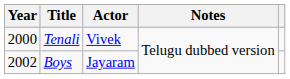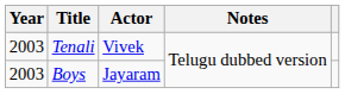 <table class="wikitable sortable">
 <tr style="background:#ccc; align:center,">
 <th>Year</th>
 <th>Title</th>
 <th>Actor</th>
 <th>Notes</th>
 <th scope="col" class="unsortable"></th>
 </tr>
 <tr>
-<td>2000</td>
+<td>2003</td>
 <td><em><a href='#'>Tenali</a></em></td>
 <td><a href='#'>Vivek</a></td>
 <td rowspan="2">Telugu dubbed version</td>
 <td></td>
 </tr>
 <tr>
-<td>2002</td>
+<td>2003</td>
 <td><em><a href='#'>Boys</a></em></td>
 <td><a href='#'>Jayaram</a></td>
 <td></td>
 </tr>
 </table>
